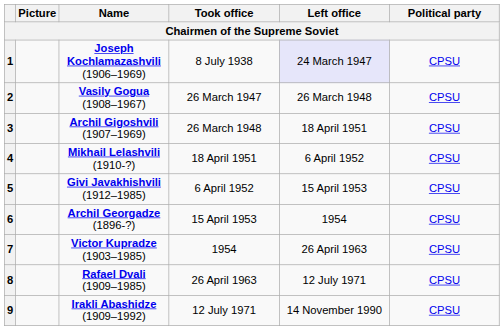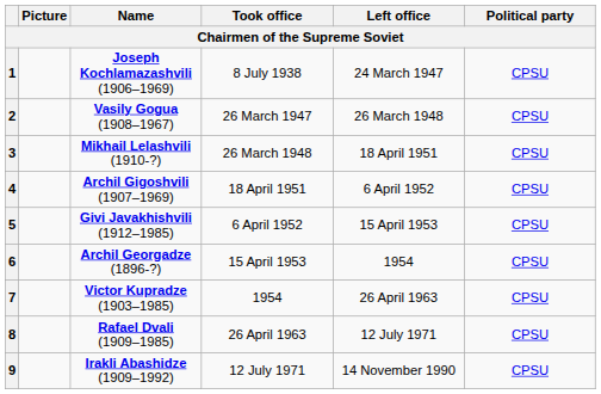 <table class="wikitable" style="text-align:center">
 <tr>
 <th></th>
 <th>Picture</th>
 <th width="150">Name<br></th>
 <th width="150">Took office</th>
 <th width="150">Left office</th>
 <th width="150">Political party</th>
 </tr>
 <tr>
 <th colspan="6" align="center">Chairmen of the Supreme Soviet</th>
 </tr>
 <tr>
 <th style="background:">1</th>
 <td></td>
 <td><strong><a href='#'>Joseph Kochlamazashvili</a></strong><br>(1906–1969)</td>
 <td>8 July 1938</td>
-<td style="background: lavender;">24 March 1947</td>
+<td>24 March 1947</td>
 <td><a href='#'>CPSU</a></td>
 </tr>
 <tr>
 <th style="background:">2</th>
 <td></td>
 <td><strong><a href='#'>Vasily Gogua</a></strong><br>(1908–1967)</td>
 <td>26 March 1947</td>
 <td>26 March 1948</td>
 <td><a href='#'>CPSU</a></td>
 </tr>
 <tr>
 <th style="background:">3</th>
 <td></td>
-<td><strong><a href='#'>Archil Gigoshvili</a></strong><br>(1907–1969)</td>
+<td><strong><a href='#'>Mikhail Lelashvili</a></strong><br>(1910-?)</td>
 <td>26 March 1948</td>
 <td>18 April 1951</td>
 <td><a href='#'>CPSU</a></td>
 </tr>
 <tr>
 <th style="background:">4</th>
 <td></td>
-<td><strong><a href='#'>Mikhail Lelashvili</a></strong><br>(1910-?)</td>
+<td><strong><a href='#'>Archil Gigoshvili</a></strong><br>(1907–1969)</td>
 <td>18 April 1951</td>
 <td>6 April 1952</td>
 <td><a href='#'>CPSU</a></td>
 </tr>
 <tr>
 <th style="background:">5</th>
 <td></td>
 <td><strong><a href='#'>Givi Javakhishvili</a></strong><br>(1912–1985)</td>
 <td>6 April 1952</td>
 <td>15 April 1953</td>
 <td><a href='#'>CPSU</a></td>
 </tr>
 <tr>
 <th style="background:">6</th>
 <td></td>
 <td><strong><a href='#'>Archil Georgadze</a></strong><br>(1896-?)</td>
 <td>15 April 1953</td>
 <td>1954</td>
 <td><a href='#'>CPSU</a></td>
 </tr>
 <tr>
 <th style="background:">7</th>
 <td></td>
 <td><strong><a href='#'>Victor Kupradze</a></strong><br>(1903–1985)</td>
 <td>1954</td>
 <td>26 April 1963</td>
 <td><a href='#'>CPSU</a></td>
 </tr>
 <tr>
 <th style="background:">8</th>
 <td></td>
 <td><strong><a href='#'>Rafael Dvali</a></strong><br>(1909–1985)</td>
 <td>26 April 1963</td>
 <td>12 July 1971</td>
 <td><a href='#'>CPSU</a></td>
 </tr>
 <tr>
 <th style="background:">9</th>
 <td></td>
 <td><strong><a href='#'>Irakli Abashidze</a></strong><br>(1909–1992)</td>
 <td>12 July 1971</td>
 <td>14 November 1990</td>
 <td><a href='#'>CPSU</a></td>
 </tr>
 </table>
